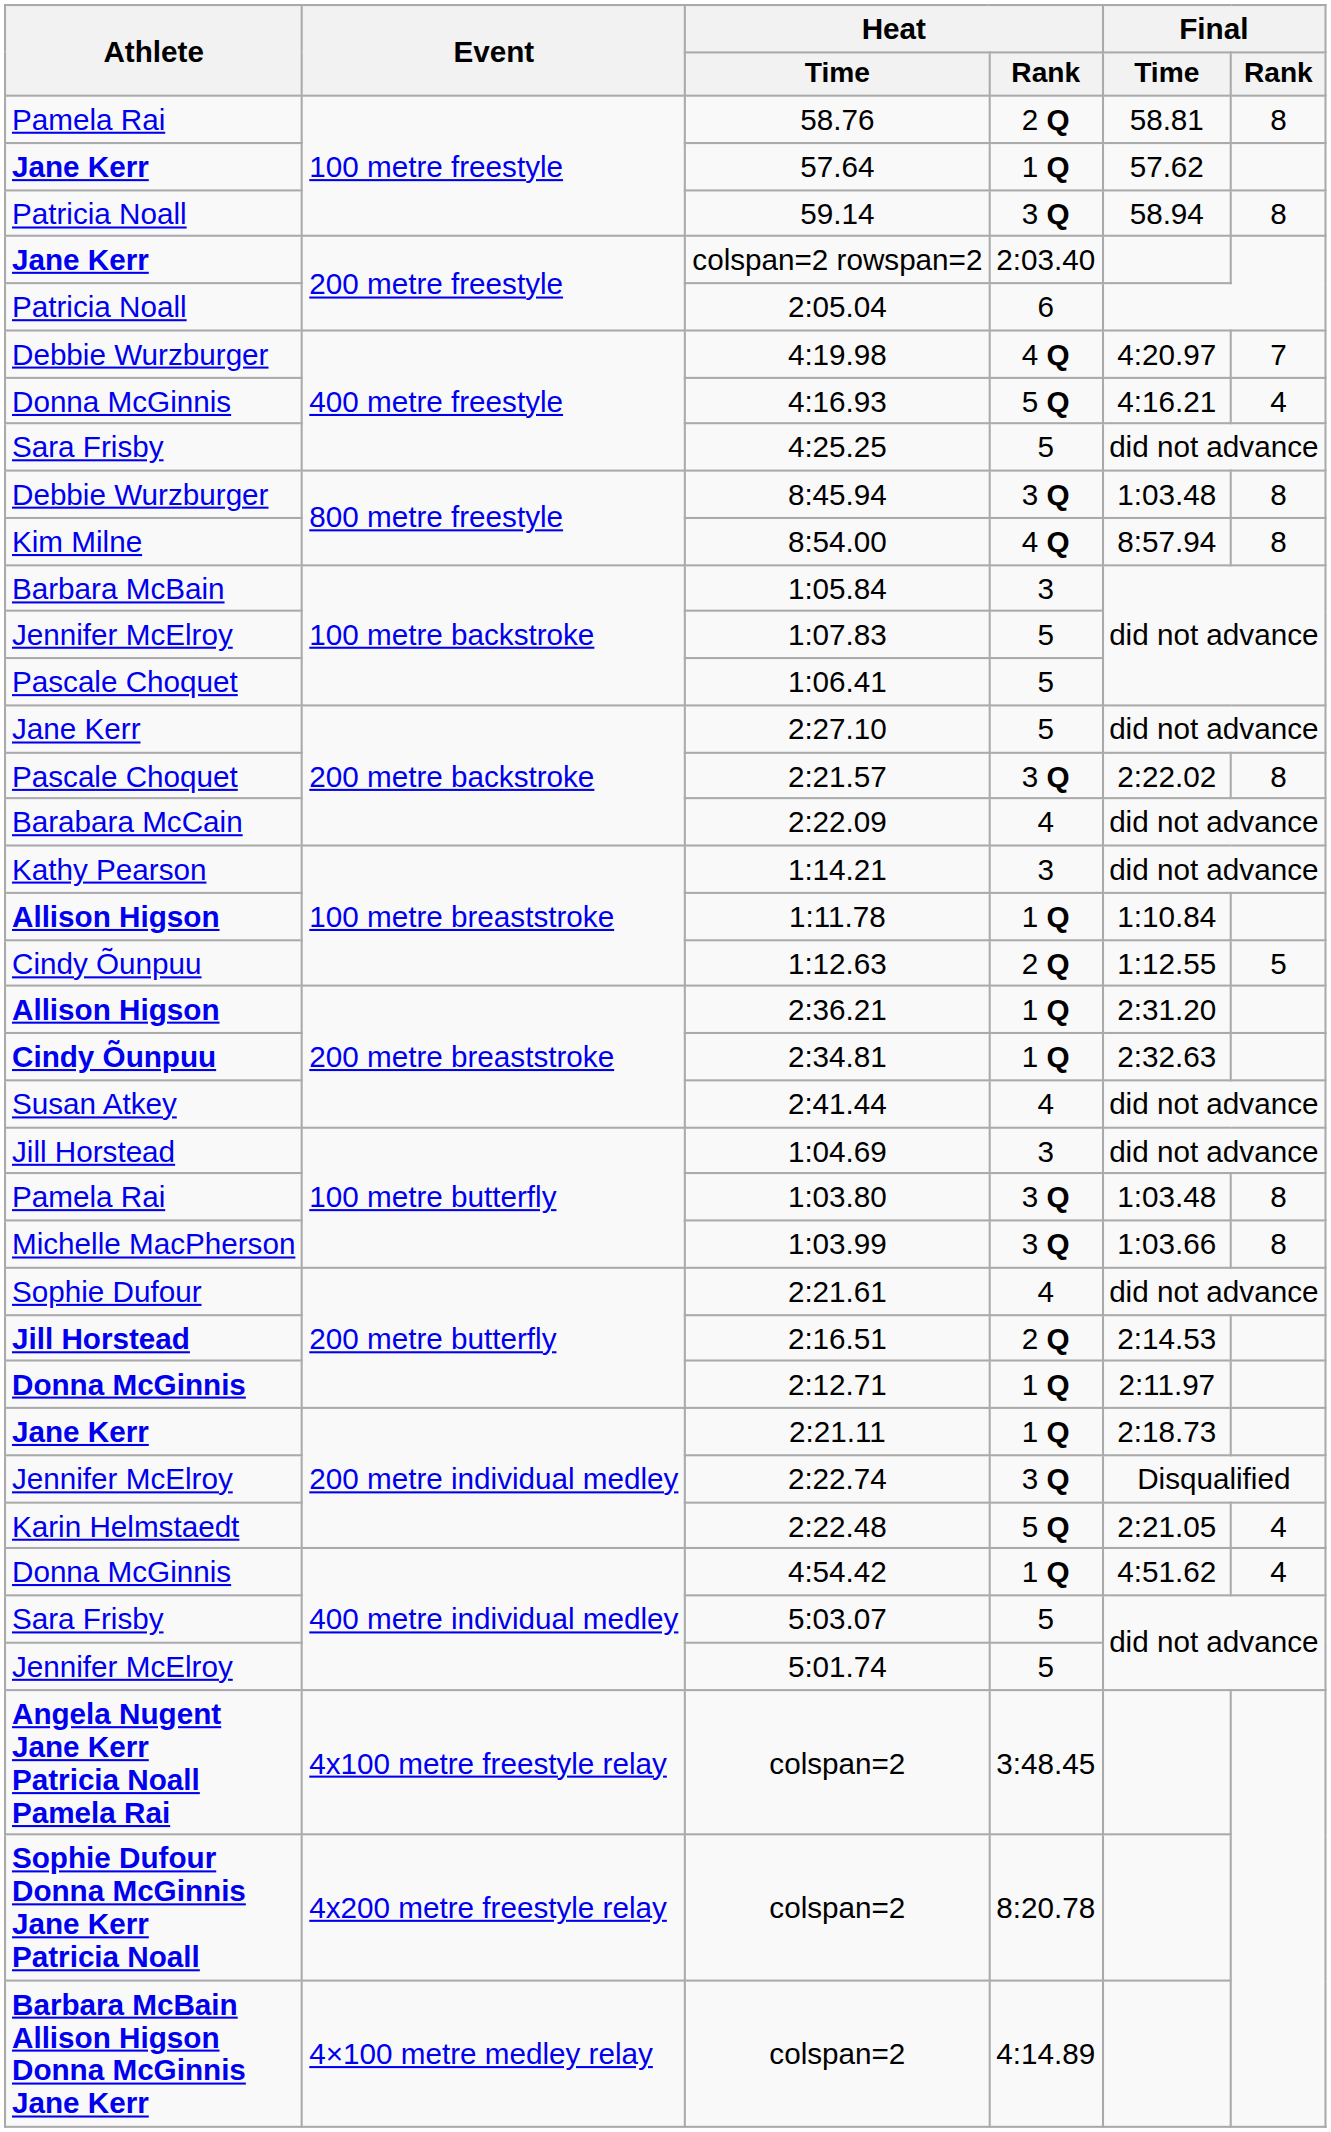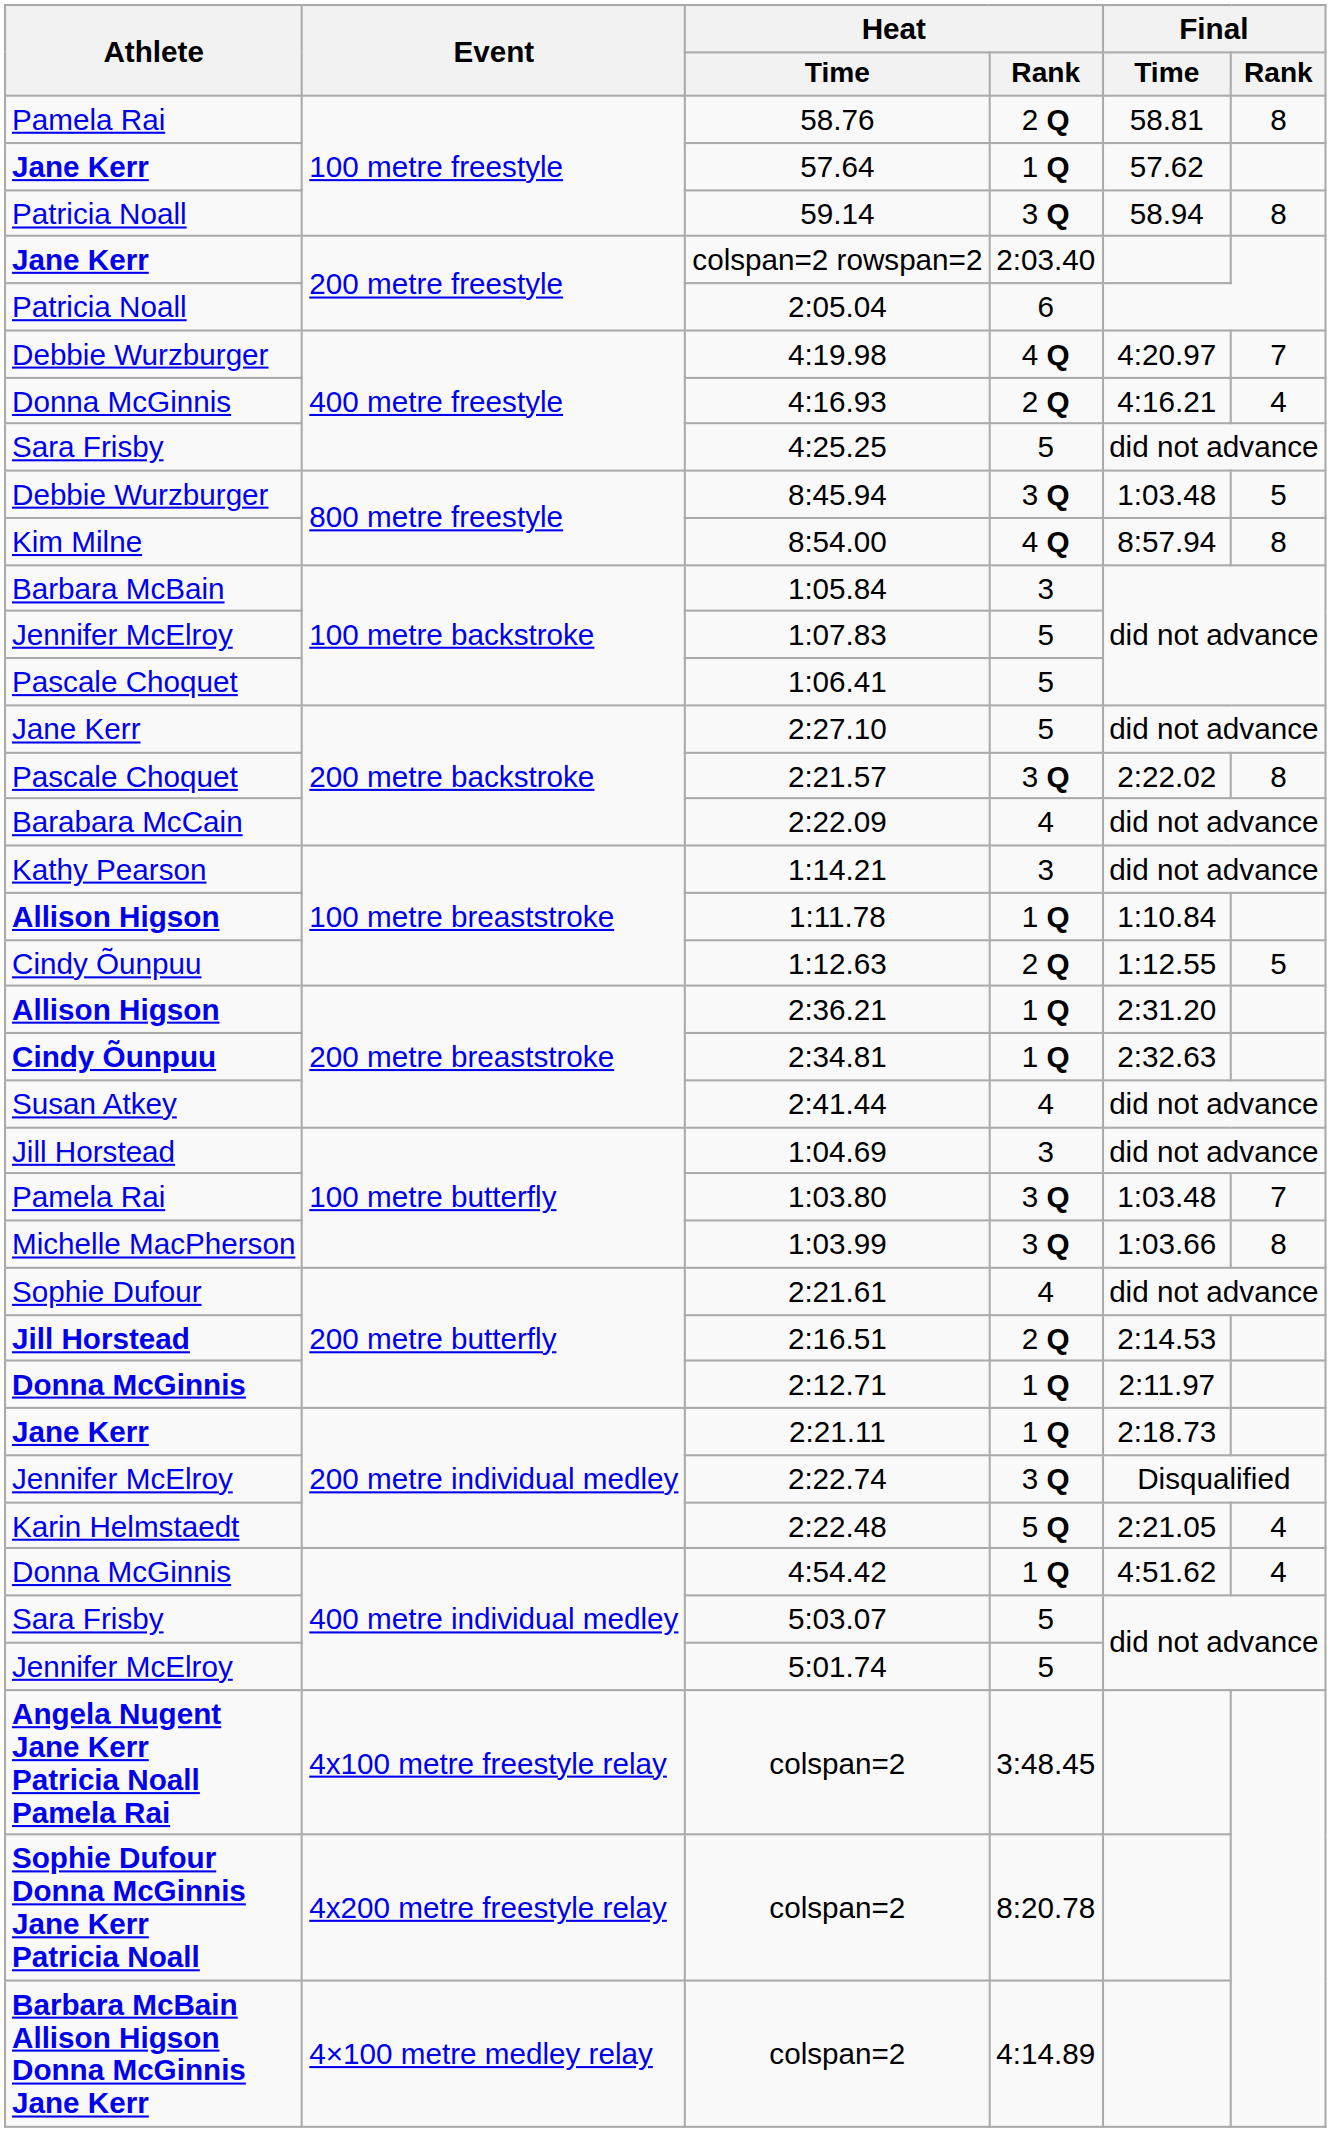 <table class=wikitable style=font-size:90%>
 <tr>
 <th rowspan=2>Athlete</th>
 <th rowspan=2>Event</th>
 <th colspan=2>Heat</th>
 <th colspan=2>Final</th>
 </tr>
 <tr style=font-size:95%>
 <th>Time</th>
 <th>Rank</th>
 <th>Time</th>
 <th>Rank</th>
 </tr>
 <tr align=center>
 <td align=left><a href='#'>Pamela Rai</a></td>
 <td align=left rowspan=3><a href='#'>100 metre freestyle</a></td>
 <td>58.76</td>
 <td>2 <strong>Q</strong></td>
 <td>58.81</td>
 <td>8</td>
 </tr>
 <tr align=center>
 <td align=left><strong><a href='#'>Jane Kerr</a></strong></td>
 <td>57.64</td>
 <td>1 <strong>Q</strong></td>
 <td>57.62</td>
 <td></td>
 </tr>
 <tr align=center>
 <td align=left><a href='#'>Patricia Noall</a></td>
 <td>59.14</td>
 <td>3 <strong>Q</strong></td>
 <td>58.94</td>
 <td>8</td>
 </tr>
 <tr align=center>
 <td align=left><strong><a href='#'>Jane Kerr</a></strong></td>
 <td align=left rowspan=2><a href='#'>200 metre freestyle</a></td>
 <td>colspan=2 rowspan=2 </td>
 <td>2:03.40</td>
 <td></td>
 </tr>
 <tr align=center>
 <td align=left><a href='#'>Patricia Noall</a></td>
 <td>2:05.04</td>
 <td>6</td>
 </tr>
 <tr align=center>
 <td align=left><a href='#'>Debbie Wurzburger</a></td>
 <td align=left rowspan=3><a href='#'>400 metre freestyle</a></td>
 <td>4:19.98</td>
 <td>4 <strong>Q</strong></td>
 <td>4:20.97</td>
 <td>7</td>
 </tr>
 <tr align=center>
 <td align=left><a href='#'>Donna McGinnis</a></td>
 <td>4:16.93</td>
-<td>5 <strong>Q</strong></td>
+<td>2 <strong>Q</strong></td>
 <td>4:16.21</td>
 <td>4</td>
 </tr>
 <tr align=center>
 <td align=left><a href='#'>Sara Frisby</a></td>
 <td>4:25.25</td>
 <td>5</td>
 <td colspan=2>did not advance</td>
 </tr>
 <tr align=center>
 <td align=left><a href='#'>Debbie Wurzburger</a></td>
 <td align=left rowspan=2><a href='#'>800 metre freestyle</a></td>
 <td>8:45.94</td>
 <td>3 <strong>Q</strong></td>
 <td>1:03.48</td>
-<td>8</td>
+<td>5</td>
 </tr>
 <tr align=center>
 <td align=left><a href='#'>Kim Milne</a></td>
 <td>8:54.00</td>
 <td>4 <strong>Q</strong></td>
 <td>8:57.94</td>
 <td>8</td>
 </tr>
 <tr align=center>
 <td align=left><a href='#'>Barbara McBain</a></td>
 <td align=left rowspan=3><a href='#'>100 metre backstroke</a></td>
 <td>1:05.84</td>
 <td>3</td>
 <td colspan=2 rowspan=3>did not advance</td>
 </tr>
 <tr align=center>
 <td align=left><a href='#'>Jennifer McElroy</a></td>
 <td>1:07.83</td>
 <td>5</td>
 </tr>
 <tr align=center>
 <td align=left><a href='#'>Pascale Choquet</a></td>
 <td>1:06.41</td>
 <td>5</td>
 </tr>
 <tr align=center>
 <td align=left><a href='#'>Jane Kerr</a></td>
 <td align=left rowspan=3><a href='#'>200 metre backstroke</a></td>
 <td>2:27.10</td>
 <td>5</td>
 <td colspan=2>did not advance</td>
 </tr>
 <tr align=center>
 <td align=left><a href='#'>Pascale Choquet</a></td>
 <td>2:21.57</td>
 <td>3 <strong>Q</strong></td>
 <td>2:22.02</td>
 <td>8</td>
 </tr>
 <tr align=center>
 <td align=left><a href='#'>Barabara McCain</a></td>
 <td>2:22.09</td>
 <td>4</td>
 <td colspan=2>did not advance</td>
 </tr>
 <tr align=center>
 <td align=left><a href='#'>Kathy Pearson</a></td>
 <td align=left rowspan=3><a href='#'>100 metre breaststroke</a></td>
 <td>1:14.21</td>
 <td>3</td>
 <td colspan=2>did not advance</td>
 </tr>
 <tr align=center>
 <td align=left><strong><a href='#'>Allison Higson</a></strong></td>
 <td>1:11.78</td>
 <td>1 <strong>Q</strong></td>
 <td>1:10.84</td>
 <td></td>
 </tr>
 <tr align=center>
 <td align=left><a href='#'>Cindy Õunpuu</a></td>
 <td>1:12.63</td>
 <td>2 <strong>Q</strong></td>
 <td>1:12.55</td>
 <td>5</td>
 </tr>
 <tr align=center>
 <td align=left><strong><a href='#'>Allison Higson</a></strong></td>
 <td align=left rowspan=3><a href='#'>200 metre breaststroke</a></td>
 <td>2:36.21</td>
 <td>1 <strong>Q</strong></td>
 <td>2:31.20</td>
 <td></td>
 </tr>
 <tr align=center>
 <td align=left><strong><a href='#'>Cindy Õunpuu</a></strong></td>
 <td>2:34.81</td>
 <td>1 <strong>Q</strong></td>
 <td>2:32.63</td>
 <td></td>
 </tr>
 <tr align=center>
 <td align=left><a href='#'>Susan Atkey</a></td>
 <td>2:41.44</td>
 <td>4</td>
 <td colspan=2>did not advance</td>
 </tr>
 <tr align=center>
 <td align=left><a href='#'>Jill Horstead</a></td>
 <td align=left rowspan=3><a href='#'>100 metre butterfly</a></td>
 <td>1:04.69</td>
 <td>3</td>
 <td colspan=2>did not advance</td>
 </tr>
 <tr align=center>
 <td align=left><a href='#'>Pamela Rai</a></td>
 <td>1:03.80</td>
 <td>3 <strong>Q</strong></td>
 <td>1:03.48</td>
-<td>8</td>
+<td>7</td>
 </tr>
 <tr align=center>
 <td align=left><a href='#'>Michelle MacPherson</a></td>
 <td>1:03.99</td>
 <td>3 <strong>Q</strong></td>
 <td>1:03.66</td>
 <td>8</td>
 </tr>
 <tr align=center>
 <td align=left><a href='#'>Sophie Dufour</a></td>
 <td align=left rowspan=3><a href='#'>200 metre butterfly</a></td>
 <td>2:21.61</td>
 <td>4</td>
 <td colspan=2>did not advance</td>
 </tr>
 <tr align=center>
 <td align=left><strong><a href='#'>Jill Horstead</a></strong></td>
 <td>2:16.51</td>
 <td>2 <strong>Q</strong></td>
 <td>2:14.53</td>
 <td></td>
 </tr>
 <tr align=center>
 <td align=left><strong><a href='#'>Donna McGinnis</a></strong></td>
 <td>2:12.71</td>
 <td>1 <strong>Q</strong></td>
 <td>2:11.97</td>
 <td></td>
 </tr>
 <tr align=center>
 <td align=left><strong><a href='#'>Jane Kerr</a></strong></td>
 <td align=left rowspan=3><a href='#'>200 metre individual medley</a></td>
 <td>2:21.11</td>
 <td>1 <strong>Q</strong></td>
 <td>2:18.73</td>
 <td></td>
 </tr>
 <tr align=center>
 <td align=left><a href='#'>Jennifer McElroy</a></td>
 <td>2:22.74</td>
 <td>3 <strong>Q</strong></td>
 <td colspan=2>Disqualified</td>
 </tr>
 <tr align=center>
 <td align=left><a href='#'>Karin Helmstaedt</a></td>
 <td>2:22.48</td>
 <td>5 <strong>Q</strong></td>
 <td>2:21.05</td>
 <td>4</td>
 </tr>
 <tr align=center>
 <td align=left><a href='#'>Donna McGinnis</a></td>
 <td align=left rowspan=3><a href='#'>400 metre individual medley</a></td>
 <td>4:54.42</td>
 <td>1 <strong>Q</strong></td>
 <td>4:51.62</td>
 <td>4</td>
 </tr>
 <tr align=center>
 <td align=left><a href='#'>Sara Frisby</a></td>
 <td>5:03.07</td>
 <td>5</td>
 <td colspan=2 rowspan=2>did not advance</td>
 </tr>
 <tr align=center>
 <td align=left><a href='#'>Jennifer McElroy</a></td>
 <td>5:01.74</td>
 <td>5</td>
 </tr>
 <tr align=center>
 <td align=left><strong><a href='#'>Angela Nugent</a></strong><br><strong><a href='#'>Jane Kerr</a></strong><br><strong><a href='#'>Patricia Noall</a></strong><br><strong><a href='#'>Pamela Rai</a></strong></td>
 <td align=left><a href='#'>4x100 metre freestyle relay</a></td>
 <td>colspan=2 </td>
 <td>3:48.45</td>
 <td></td>
 </tr>
 <tr align=center>
 <td align=left><strong><a href='#'>Sophie Dufour</a></strong><br><strong><a href='#'>Donna McGinnis</a></strong><br><strong><a href='#'>Jane Kerr</a></strong><br><strong><a href='#'>Patricia Noall</a></strong></td>
 <td align=left><a href='#'>4x200 metre freestyle relay</a></td>
 <td>colspan=2 </td>
 <td>8:20.78</td>
 <td></td>
 </tr>
 <tr align=center>
 <td align=left><strong><a href='#'>Barbara McBain</a></strong><br><strong><a href='#'>Allison Higson</a></strong><br><strong><a href='#'>Donna McGinnis</a></strong><br><strong><a href='#'>Jane Kerr</a></strong></td>
 <td align=left><a href='#'>4×100 metre medley relay</a></td>
 <td>colspan=2 </td>
 <td>4:14.89</td>
 <td></td>
 </tr>
 </table>
